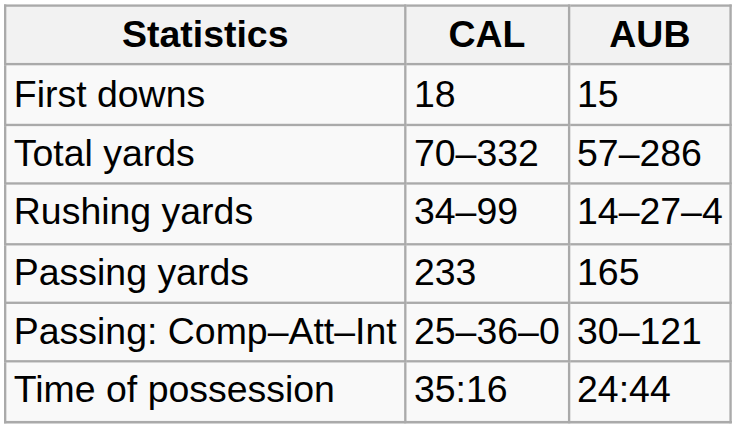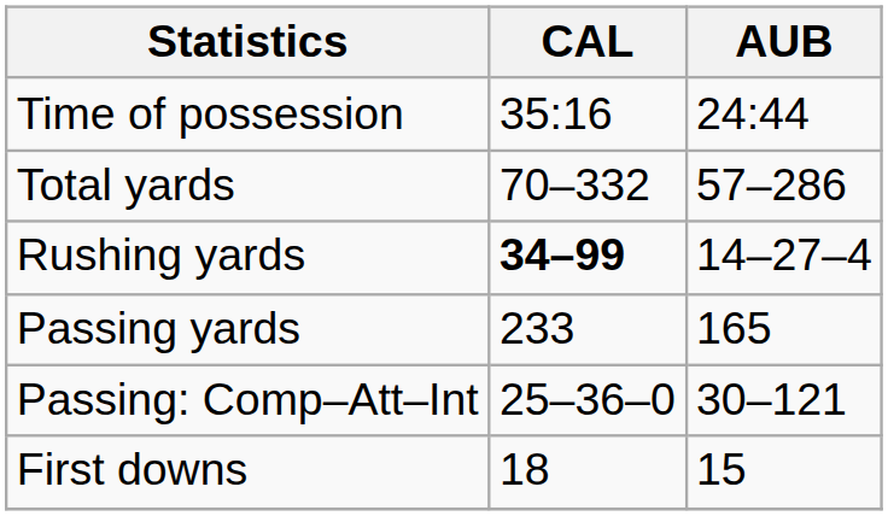 <table class="wikitable" style="float: left;">
 <tr>
 <th>Statistics</th>
 <th>CAL</th>
 <th>AUB</th>
 </tr>
 <tr>
-<td>First downs</td>
-<td>18</td>
-<td>15</td>
+<td>Time of possession</td>
+<td>35:16</td>
+<td>24:44</td>
 </tr>
 <tr>
 <td>Total yards</td>
 <td>70–332</td>
 <td>57–286</td>
 </tr>
 <tr>
 <td>Rushing yards</td>
-<td>34–99</td>
+<td><strong>34–99</strong></td>
 <td>14–27–4</td>
 </tr>
 <tr>
 <td>Passing yards</td>
 <td>233</td>
 <td>165</td>
 </tr>
 <tr>
 <td>Passing: Comp–Att–Int</td>
 <td>25–36–0</td>
 <td>30–121</td>
 </tr>
 <tr>
-<td>Time of possession</td>
-<td>35:16</td>
-<td>24:44</td>
+<td>First downs</td>
+<td>18</td>
+<td>15</td>
 </tr>
 <tr>
 </tr>
 </table>
